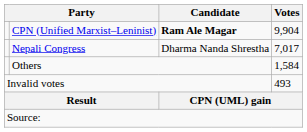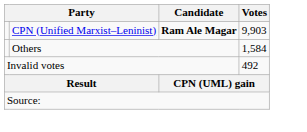 <table class="wikitable">
 <tr>
 <th colspan="2">Party</th>
 <th>Candidate</th>
 <th>Votes</th>
 </tr>
 <tr>
 <td style="background-color:"></td>
 <td><a href='#'>CPN (Unified Marxist–Leninist)</a></td>
 <td><strong>Ram Ale Magar</strong></td>
-<td>9,904</td>
-</tr>
-<tr>
-<td style="background-color:"></td>
-<td><a href='#'>Nepali Congress</a></td>
-<td>Dharma Nanda Shrestha</td>
-<td>7,017</td>
+<td>9,903</td>
 </tr>
 <tr>
 <td></td>
 <td colspan="2">Others</td>
 <td>1,584</td>
 </tr>
 <tr>
 <td colspan="3">Invalid votes</td>
-<td>493</td>
+<td>492</td>
 </tr>
 <tr>
 <th colspan="2">Result</th>
 <th colspan="2">CPN (UML) gain</th>
 </tr>
 <tr>
 <td colspan="4">Source: </td>
 </tr>
 </table>
